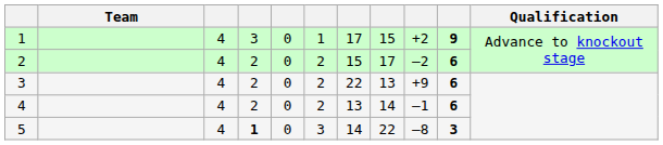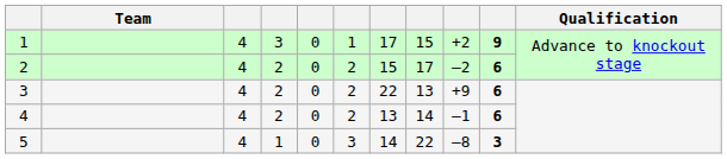 <table class="wikitable" style="text-align: center;">
 <tr>
 <th width="25"></th>
 <th width="150">Team</th>
 <th width="25"></th>
 <th width="25"></th>
 <th width="25"></th>
 <th width="25"></th>
 <th width="25"></th>
 <th width="25"></th>
 <th width="25"></th>
 <th width="25"></th>
 <th width="170">Qualification</th>
 </tr>
 <tr align=center style="background:#ccffcc;">
 <td>1</td>
 <td style="text-align:left;"></td>
 <td>4</td>
 <td>3</td>
 <td>0</td>
 <td>1</td>
 <td>17</td>
 <td>15</td>
 <td>+2</td>
 <td><strong>9</strong></td>
 <td rowspan="2">Advance to <a href='#'>knockout stage</a></td>
 </tr>
 <tr align=center style="background:#ccffcc;">
 <td>2</td>
 <td style="text-align:left;"></td>
 <td>4</td>
 <td>2</td>
 <td>0</td>
 <td>2</td>
 <td>15</td>
 <td>17</td>
 <td>–2</td>
 <td><strong>6</strong></td>
 </tr>
 <tr align=center style="background:#f5f5f5;">
 <td>3</td>
 <td style="text-align:left;"></td>
 <td>4</td>
 <td>2</td>
 <td>0</td>
 <td>2</td>
 <td>22</td>
 <td>13</td>
 <td>+9</td>
 <td><strong>6</strong></td>
 <td rowspan="3"></td>
 </tr>
 <tr align=center style="background:#f5f5f5;">
 <td>4</td>
 <td style="text-align:left;"></td>
 <td>4</td>
 <td>2</td>
 <td>0</td>
 <td>2</td>
 <td>13</td>
 <td>14</td>
 <td>–1</td>
 <td><strong>6</strong></td>
 </tr>
 <tr align=center style="background:#f5f5f5;">
 <td>5</td>
 <td style="text-align:left;"></td>
 <td>4</td>
-<td><strong>1</strong></td>
+<td>1</td>
 <td>0</td>
 <td>3</td>
 <td>14</td>
 <td>22</td>
 <td>–8</td>
 <td><strong>3</strong></td>
 </tr>
 </table>
